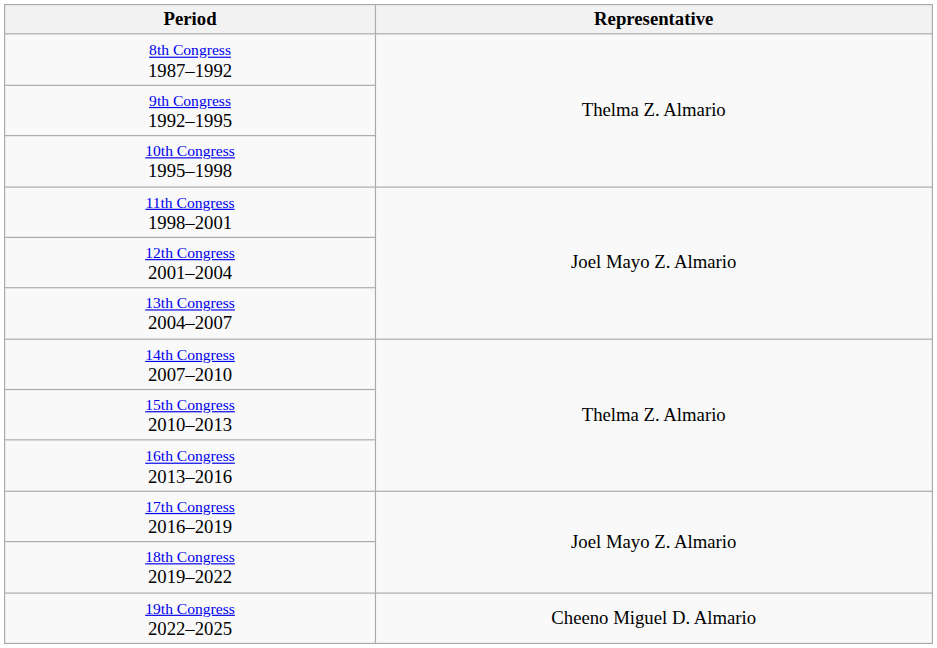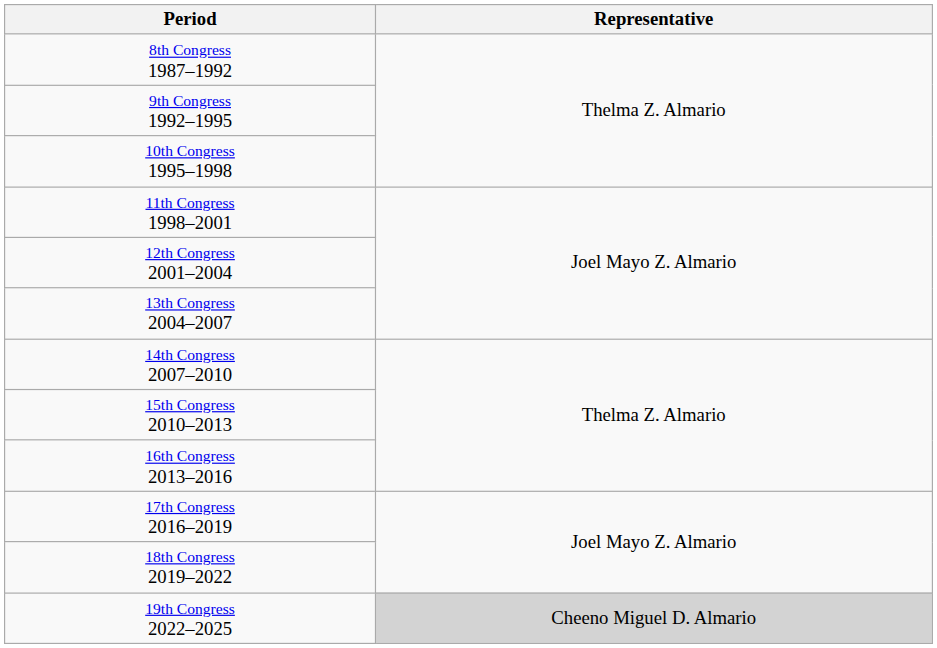 <table class="wikitable" style="text-align:center; width:40%;">
 <tr>
 <th width="40%">Period</th>
 <th>Representative</th>
 </tr>
 <tr>
 <td><small><a href='#'>8th Congress</a></small><br>1987–1992</td>
 <td rowspan="3">Thelma Z. Almario</td>
 </tr>
 <tr>
 <td><small><a href='#'>9th Congress</a></small><br>1992–1995</td>
 </tr>
 <tr>
 <td><small><a href='#'>10th Congress</a></small><br>1995–1998</td>
 </tr>
 <tr>
 <td><small><a href='#'>11th Congress</a></small><br>1998–2001</td>
 <td rowspan="3">Joel Mayo Z. Almario</td>
 </tr>
 <tr>
 <td><small><a href='#'>12th Congress</a></small><br>2001–2004</td>
 </tr>
 <tr>
 <td><small><a href='#'>13th Congress</a></small><br>2004–2007</td>
 </tr>
 <tr>
 <td><small><a href='#'>14th Congress</a></small><br>2007–2010</td>
 <td rowspan="3">Thelma Z. Almario</td>
 </tr>
 <tr>
 <td><small><a href='#'>15th Congress</a></small><br>2010–2013</td>
 </tr>
 <tr>
 <td><small><a href='#'>16th Congress</a></small><br>2013–2016</td>
 </tr>
 <tr>
 <td><small><a href='#'>17th Congress</a></small><br>2016–2019</td>
 <td rowspan="2">Joel Mayo Z. Almario</td>
 </tr>
 <tr>
 <td><small><a href='#'>18th Congress</a></small><br>2019–2022</td>
 </tr>
 <tr>
 <td><small><a href='#'>19th Congress</a></small><br>2022–2025</td>
-<td>Cheeno Miguel D. Almario</td>
+<td style="background: lightgrey;">Cheeno Miguel D. Almario</td>
 </tr>
 </table>
